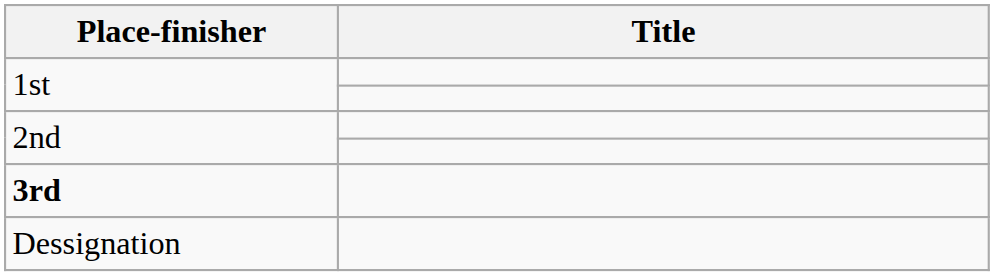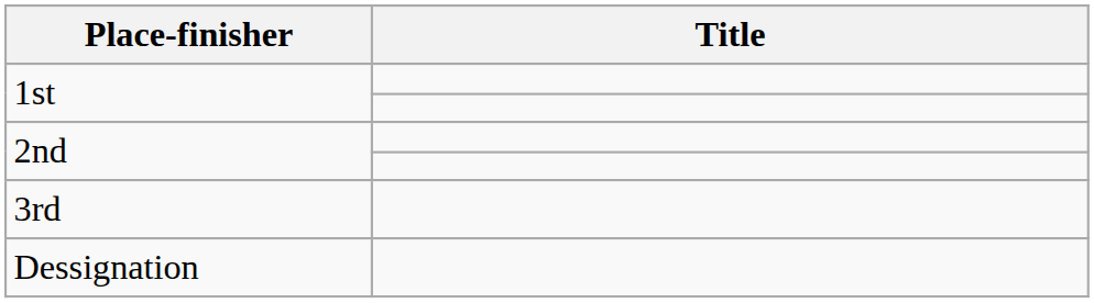 <table class="wikitable sortable" style="font-size: 95%;">
 <tr>
 <th width="150">Place-finisher</th>
 <th width="300">Title</th>
 </tr>
 <tr>
 <td rowspan="2">1st</td>
 <td></td>
 </tr>
 <tr>
 <td></td>
 </tr>
 <tr>
 <td rowspan="2">2nd</td>
 <td></td>
 </tr>
 <tr>
 <td></td>
 </tr>
 <tr>
-<td><strong>3rd</strong></td>
+<td>3rd</td>
 <td></td>
 </tr>
 <tr>
 <td>Dessignation</td>
 <td></td>
 </tr>
 </table>
